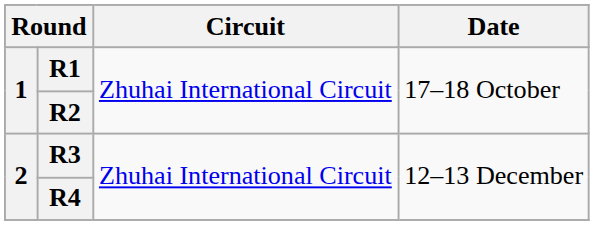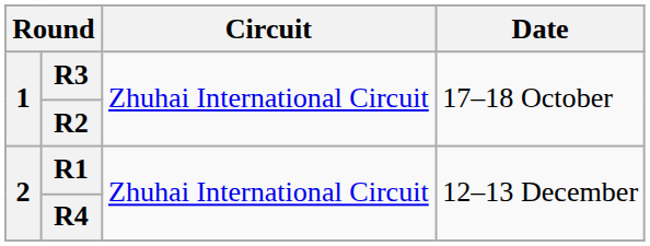 <table class="wikitable" style="font-size: 85%">
 <tr>
 <th colspan=2>Round</th>
 <th>Circuit</th>
 <th>Date</th>
 </tr>
 <tr>
 <th rowspan=2>1</th>
-<th>R1</th>
+<th>R3</th>
 <td rowspan=2> <a href='#'>Zhuhai International Circuit</a></td>
 <td rowspan=2>17–18 October</td>
 </tr>
 <tr>
 <th>R2</th>
 </tr>
 <tr>
 <th rowspan=2>2</th>
-<th>R3</th>
+<th>R1</th>
 <td rowspan=2> <a href='#'>Zhuhai International Circuit</a></td>
 <td rowspan=2>12–13 December</td>
 </tr>
 <tr>
 <th>R4</th>
 </tr>
 </table>
